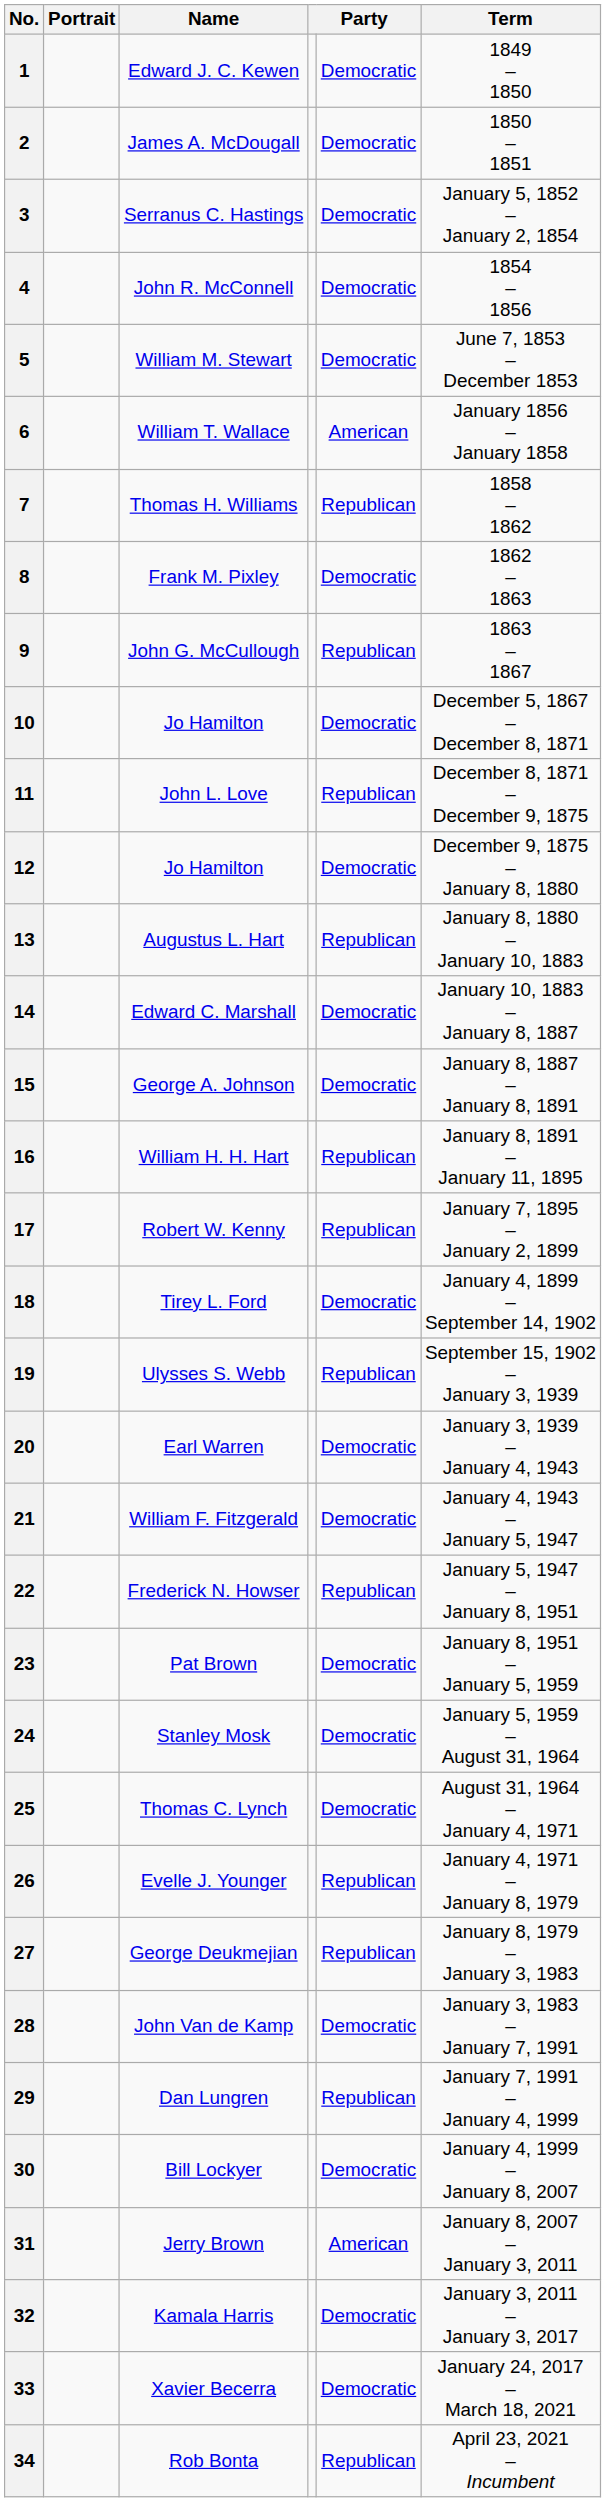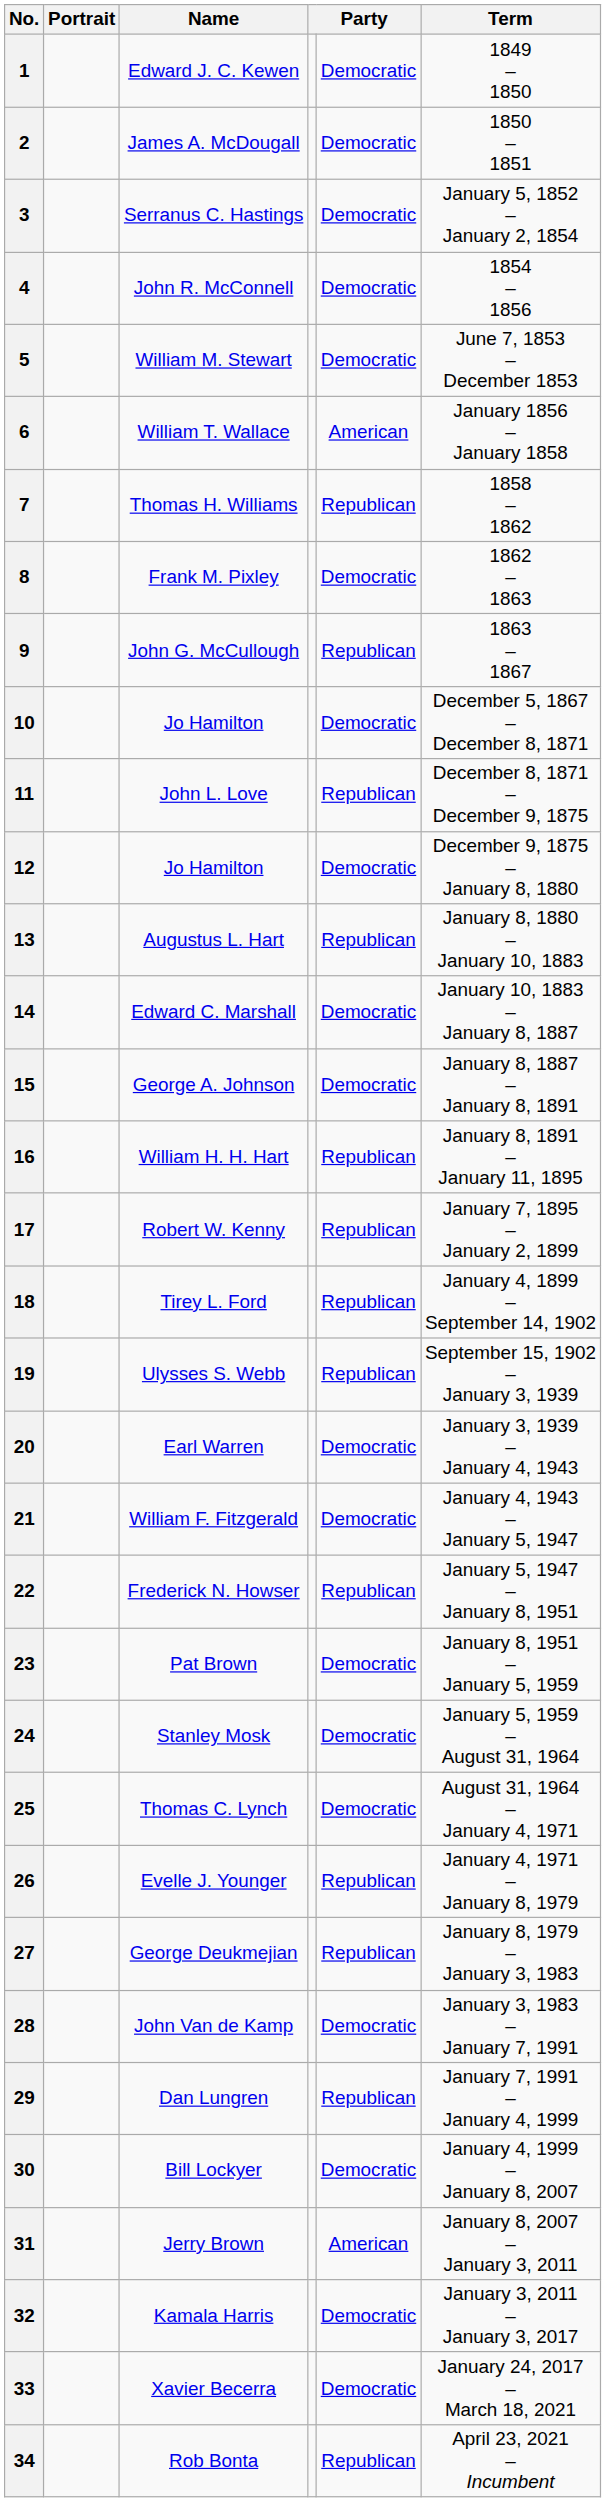 <table class="wikitable" style=text-align:center;>
 <tr>
 <th>No.</th>
 <th>Portrait</th>
 <th>Name</th>
 <th colspan=2>Party</th>
 <th>Term</th>
 </tr>
 <tr>
 <th>1</th>
 <td></td>
 <td><a href='#'>Edward J. C. Kewen</a></td>
 <td style="background-color:"></td>
 <td><a href='#'>Democratic</a></td>
 <td>1849 <br> – <br> 1850</td>
 </tr>
 <tr>
 <th>2</th>
 <td></td>
 <td><a href='#'>James A. McDougall</a></td>
 <td style="background-color:"></td>
 <td><a href='#'>Democratic</a></td>
 <td>1850 <br> – <br> 1851</td>
 </tr>
 <tr>
 <th>3</th>
 <td></td>
 <td><a href='#'>Serranus C. Hastings</a></td>
 <td style="background-color:"></td>
 <td><a href='#'>Democratic</a></td>
 <td>January 5, 1852 <br> – <br> January 2, 1854</td>
 </tr>
 <tr>
 <th>4</th>
 <td></td>
 <td><a href='#'>John R. McConnell</a></td>
 <td style="background-color:"></td>
 <td><a href='#'>Democratic</a></td>
 <td>1854 <br> – <br> 1856</td>
 </tr>
 <tr>
 <th>5</th>
 <td></td>
 <td><a href='#'>William M. Stewart</a></td>
 <td style="background-color:"></td>
 <td><a href='#'>Democratic</a></td>
 <td>June 7, 1853 <br> – <br> December 1853 <br> </td>
 </tr>
 <tr>
 <th>6</th>
 <td></td>
 <td><a href='#'>William T. Wallace</a></td>
 <td style="background-color:"></td>
 <td><a href='#'>American</a></td>
 <td>January 1856 <br> – <br> January 1858</td>
 </tr>
 <tr>
 <th>7</th>
 <td></td>
 <td><a href='#'>Thomas H. Williams</a></td>
 <td style="background-color:"></td>
 <td><a href='#'>Republican</a></td>
 <td>1858 <br> – <br> 1862</td>
 </tr>
 <tr>
 <th>8</th>
 <td></td>
 <td><a href='#'>Frank M. Pixley</a></td>
 <td style="background-color:"></td>
 <td><a href='#'>Democratic</a></td>
 <td>1862 <br> – <br> 1863</td>
 </tr>
 <tr>
 <th>9</th>
 <td></td>
 <td><a href='#'>John G. McCullough</a></td>
 <td style="background-color:"></td>
 <td><a href='#'>Republican</a></td>
 <td>1863 <br> – <br> 1867</td>
 </tr>
 <tr>
 <th>10</th>
 <td></td>
 <td><a href='#'>Jo Hamilton</a></td>
 <td style="background-color:"></td>
 <td><a href='#'>Democratic</a></td>
 <td>December 5, 1867 <br> – <br> December 8, 1871</td>
 </tr>
 <tr>
 <th>11</th>
 <td></td>
 <td><a href='#'>John L. Love</a></td>
 <td style="background-color:"></td>
 <td><a href='#'>Republican</a></td>
 <td>December 8, 1871 <br> – <br> December 9, 1875</td>
 </tr>
 <tr>
 <th>12</th>
 <td></td>
 <td><a href='#'>Jo Hamilton</a></td>
 <td style="background-color:"></td>
 <td><a href='#'>Democratic</a></td>
 <td>December 9, 1875 <br> – <br> January 8, 1880</td>
 </tr>
 <tr>
 <th>13</th>
 <td></td>
 <td><a href='#'>Augustus L. Hart</a></td>
 <td style="background-color:"></td>
 <td><a href='#'>Republican</a></td>
 <td>January 8, 1880 <br> – <br> January 10, 1883</td>
 </tr>
 <tr>
 <th>14</th>
 <td></td>
 <td><a href='#'>Edward C. Marshall</a></td>
 <td style="background-color:"></td>
 <td><a href='#'>Democratic</a></td>
 <td>January 10, 1883 <br> – <br> January 8, 1887</td>
 </tr>
 <tr>
 <th>15</th>
 <td></td>
 <td><a href='#'>George A. Johnson</a></td>
 <td style="background-color:"></td>
 <td><a href='#'>Democratic</a></td>
 <td>January 8, 1887 <br> – <br> January 8, 1891</td>
 </tr>
 <tr>
 <th>16</th>
 <td></td>
 <td><a href='#'>William H. H. Hart</a></td>
 <td style="background-color:"></td>
 <td><a href='#'>Republican</a></td>
 <td>January 8, 1891 <br> – <br> January 11, 1895</td>
 </tr>
 <tr>
 <th>17</th>
 <td></td>
 <td><a href='#'>Robert W. Kenny</a></td>
 <td style="background-color:"></td>
 <td><a href='#'>Republican</a></td>
 <td>January 7, 1895 <br> – <br> January 2, 1899</td>
 </tr>
 <tr>
 <th>18</th>
 <td></td>
 <td><a href='#'>Tirey L. Ford</a></td>
 <td style="background-color:"></td>
-<td><a href='#'>Democratic</a></td>
+<td><a href='#'>Republican</a></td>
 <td>January 4, 1899 <br> – <br> September 14, 1902</td>
 </tr>
 <tr>
 <th>19</th>
 <td></td>
 <td><a href='#'>Ulysses S. Webb</a></td>
 <td style="background-color:"></td>
 <td><a href='#'>Republican</a></td>
 <td>September 15, 1902 <br> – <br> January 3, 1939</td>
 </tr>
 <tr>
 <th>20</th>
 <td></td>
 <td><a href='#'>Earl Warren</a></td>
 <td style="background-color:"></td>
 <td><a href='#'>Democratic</a></td>
 <td>January 3, 1939 <br> – <br> January 4, 1943</td>
 </tr>
 <tr>
 <th>21</th>
 <td></td>
 <td><a href='#'>William F. Fitzgerald</a></td>
 <td style="background-color:"></td>
 <td><a href='#'>Democratic</a></td>
 <td>January 4, 1943 <br> – <br> January 5, 1947</td>
 </tr>
 <tr>
 <th>22</th>
 <td></td>
 <td><a href='#'>Frederick N. Howser</a></td>
 <td style="background-color:"></td>
 <td><a href='#'>Republican</a></td>
 <td>January 5, 1947 <br> – <br> January 8, 1951</td>
 </tr>
 <tr>
 <th>23</th>
 <td></td>
 <td><a href='#'>Pat Brown</a></td>
 <td style="background-color:"></td>
 <td><a href='#'>Democratic</a></td>
 <td>January 8, 1951 <br> – <br> January 5, 1959</td>
 </tr>
 <tr>
 <th>24</th>
 <td></td>
 <td><a href='#'>Stanley Mosk</a></td>
 <td style="background-color:"></td>
 <td><a href='#'>Democratic</a></td>
 <td>January 5, 1959 <br> – <br> August 31, 1964</td>
 </tr>
 <tr>
 <th>25</th>
 <td></td>
 <td><a href='#'>Thomas C. Lynch</a></td>
 <td style="background-color:"></td>
 <td><a href='#'>Democratic</a></td>
 <td>August 31, 1964 <br> – <br> January 4, 1971</td>
 </tr>
 <tr>
 <th>26</th>
 <td></td>
 <td><a href='#'>Evelle J. Younger</a></td>
 <td style="background-color:"></td>
 <td><a href='#'>Republican</a></td>
 <td>January 4, 1971 <br> – <br> January 8, 1979</td>
 </tr>
 <tr>
 <th>27</th>
 <td></td>
 <td><a href='#'>George Deukmejian</a></td>
 <td style="background-color:"></td>
 <td><a href='#'>Republican</a></td>
 <td>January 8, 1979 <br> – <br> January 3, 1983</td>
 </tr>
 <tr>
 <th>28</th>
 <td></td>
 <td><a href='#'>John Van de Kamp</a></td>
 <td style="background-color:"></td>
 <td><a href='#'>Democratic</a></td>
 <td>January 3, 1983 <br> – <br> January 7, 1991</td>
 </tr>
 <tr>
 <th>29</th>
 <td></td>
 <td><a href='#'>Dan Lungren</a></td>
 <td style="background-color:"></td>
 <td><a href='#'>Republican</a></td>
 <td>January 7, 1991 <br> – <br> January 4, 1999</td>
 </tr>
 <tr>
 <th>30</th>
 <td></td>
 <td><a href='#'>Bill Lockyer</a></td>
 <td style="background-color:"></td>
 <td><a href='#'>Democratic</a></td>
 <td>January 4, 1999 <br> – <br> January 8, 2007</td>
 </tr>
 <tr>
 <th>31</th>
 <td></td>
 <td><a href='#'>Jerry Brown</a></td>
 <td style="background-color:"></td>
 <td><a href='#'>American</a></td>
 <td>January 8, 2007 <br> – <br> January 3, 2011</td>
 </tr>
 <tr>
 <th>32</th>
 <td></td>
 <td><a href='#'>Kamala Harris</a></td>
 <td style="background-color:"></td>
 <td><a href='#'>Democratic</a></td>
 <td>January 3, 2011 <br> – <br> January 3, 2017</td>
 </tr>
 <tr>
 <th>33</th>
 <td></td>
 <td><a href='#'>Xavier Becerra</a></td>
 <td style="background-color:"></td>
 <td><a href='#'>Democratic</a></td>
 <td>January 24, 2017 <br> – <br> March 18, 2021</td>
 </tr>
 <tr>
 <th>34</th>
 <td></td>
 <td><a href='#'>Rob Bonta</a></td>
 <td style="background-color:"></td>
 <td><a href='#'>Republican</a></td>
 <td>April 23, 2021 <br> – <br> <em>Incumbent</em></td>
 </tr>
 </table>
